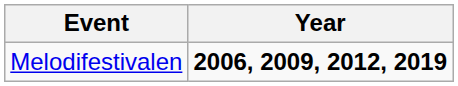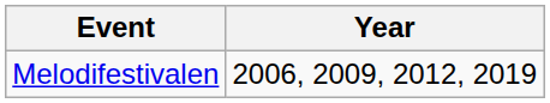 <table class="wikitable">
 <tr>
 <th>Event</th>
 <th>Year</th>
 </tr>
 <tr>
 <td><a href='#'>Melodifestivalen</a></td>
-<td><strong>2006, 2009, 2012, 2019</strong></td>
+<td>2006, 2009, 2012, 2019</td>
 </tr>
 </table>
